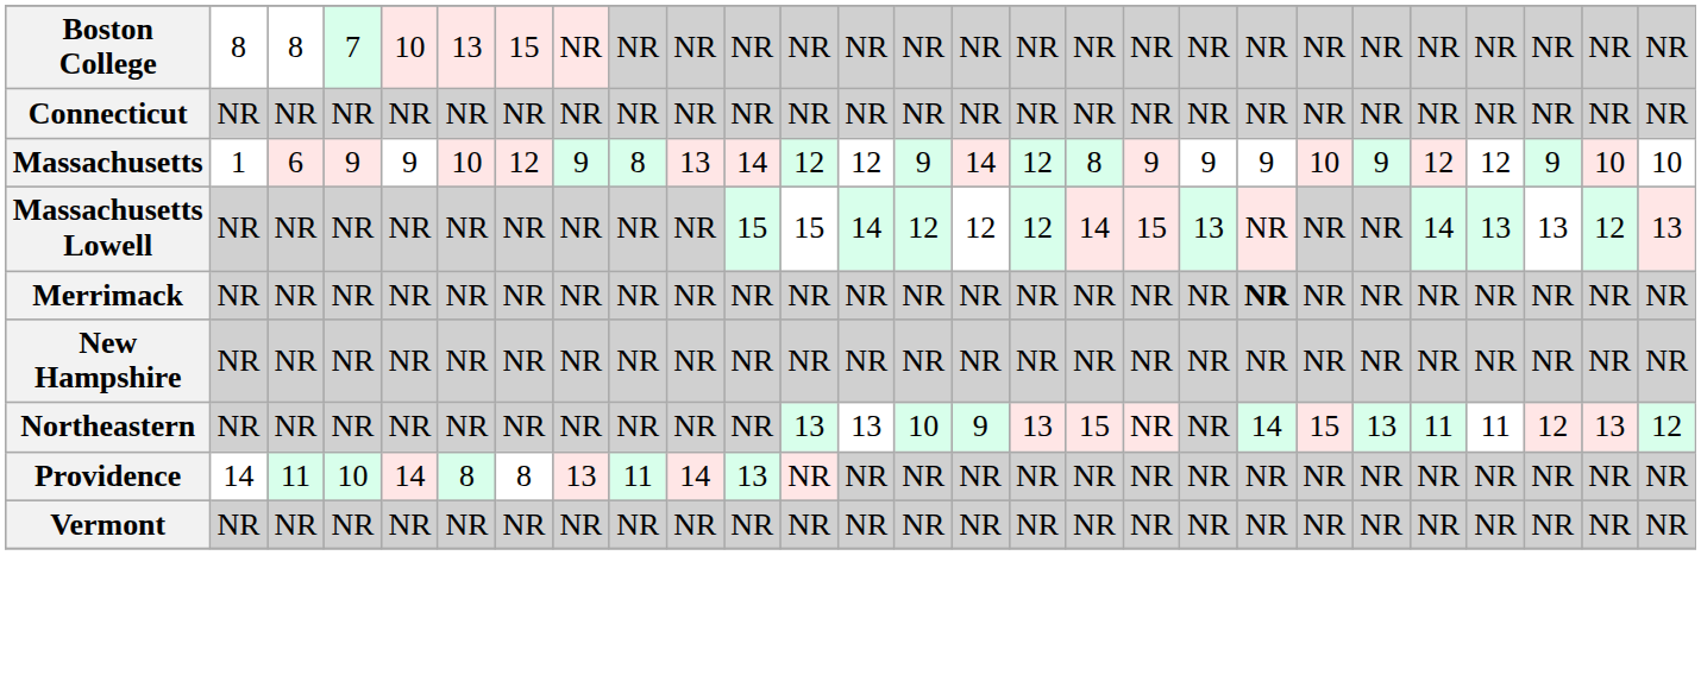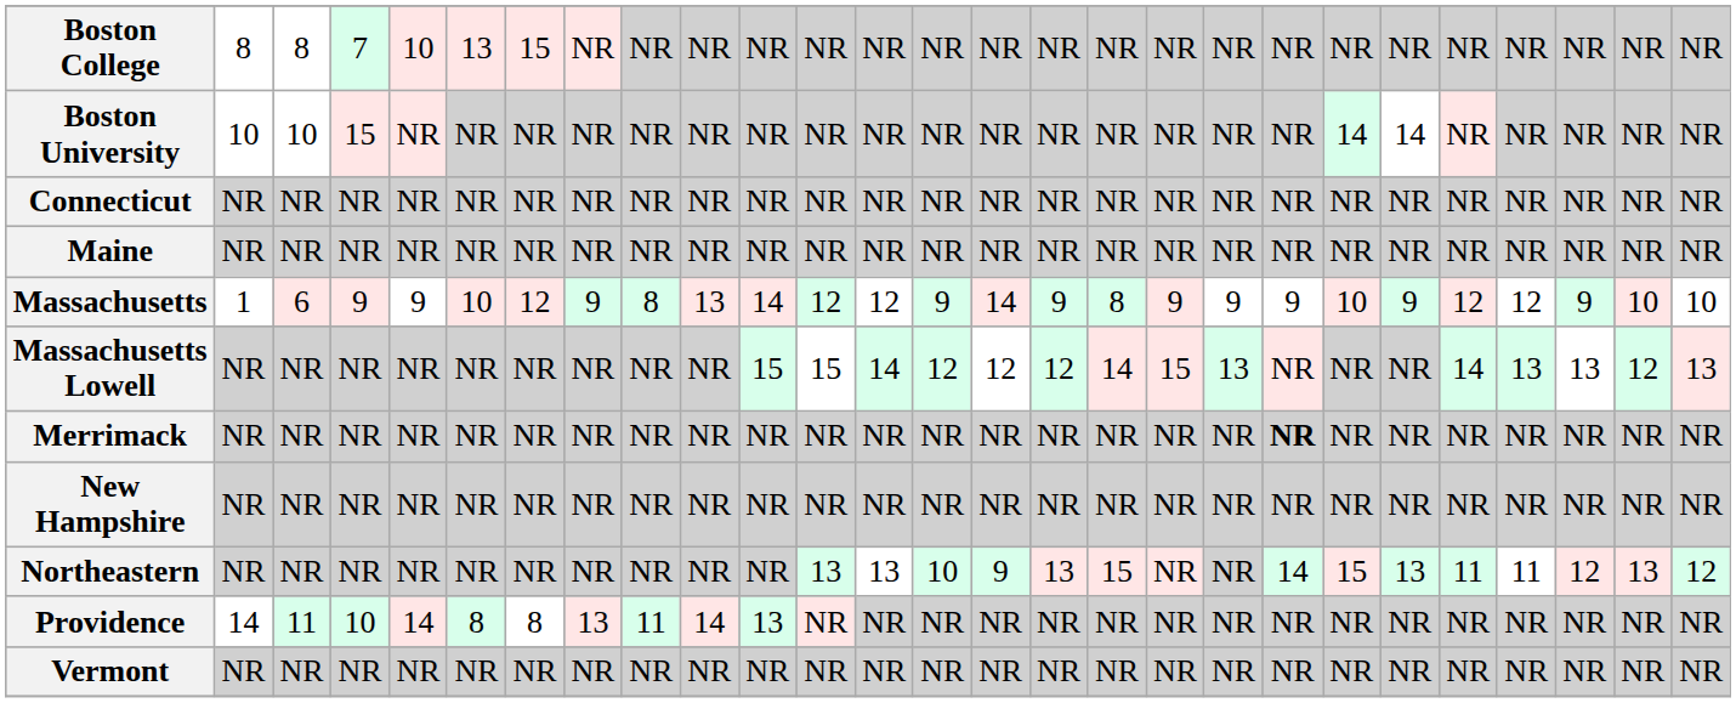 <table class="wikitable sortable" style="text-align: center;">
 <tr>
 </tr>
 <tr>
 <th>Boston College</th>
 <td bgcolor=FFFFFF>8</td>
 <td bgcolor=FFFFFF>8</td>
 <td bgcolor=D8FFEB>7</td>
 <td bgcolor=FFE6E6>10</td>
 <td bgcolor=FFE6E6>13</td>
 <td bgcolor=FFE6E6>15</td>
 <td bgcolor=FFE6E6>NR</td>
 <td bgcolor=d0d0d0>NR</td>
 <td bgcolor=d0d0d0>NR</td>
 <td bgcolor=d0d0d0>NR</td>
 <td bgcolor=d0d0d0>NR</td>
 <td bgcolor=d0d0d0>NR</td>
 <td bgcolor=d0d0d0>NR</td>
 <td bgcolor=d0d0d0>NR</td>
 <td bgcolor=d0d0d0>NR</td>
 <td bgcolor=d0d0d0>NR</td>
 <td bgcolor=d0d0d0>NR</td>
 <td bgcolor=d0d0d0>NR</td>
 <td bgcolor=d0d0d0>NR</td>
 <td bgcolor=d0d0d0>NR</td>
 <td bgcolor=d0d0d0>NR</td>
 <td bgcolor=d0d0d0>NR</td>
 <td bgcolor=d0d0d0>NR</td>
 <td bgcolor=d0d0d0>NR</td>
 <td bgcolor=d0d0d0>NR</td>
 <td bgcolor=d0d0d0>NR</td>
 </tr>
 <tr>
+<th>Boston University</th>
+<td bgcolor=FFFFFF>10</td>
+<td bgcolor=FFFFFF>10</td>
+<td bgcolor=FFE6E6>15</td>
+<td bgcolor=FFE6E6>NR</td>
+<td bgcolor=d0d0d0>NR</td>
+<td bgcolor=d0d0d0>NR</td>
+<td bgcolor=d0d0d0>NR</td>
+<td bgcolor=d0d0d0>NR</td>
+<td bgcolor=d0d0d0>NR</td>
+<td bgcolor=d0d0d0>NR</td>
+<td bgcolor=d0d0d0>NR</td>
+<td bgcolor=d0d0d0>NR</td>
+<td bgcolor=d0d0d0>NR</td>
+<td bgcolor=d0d0d0>NR</td>
+<td bgcolor=d0d0d0>NR</td>
+<td bgcolor=d0d0d0>NR</td>
+<td bgcolor=d0d0d0>NR</td>
+<td bgcolor=d0d0d0>NR</td>
+<td bgcolor=d0d0d0>NR</td>
+<td bgcolor=D8FFEB>14</td>
+<td bgcolor=FFFFFF>14</td>
+<td bgcolor=FFE6E6>NR</td>
+<td bgcolor=d0d0d0>NR</td>
+<td bgcolor=d0d0d0>NR</td>
+<td bgcolor=d0d0d0>NR</td>
+<td bgcolor=d0d0d0>NR</td>
+</tr>
+<tr>
 <th>Connecticut</th>
+<td bgcolor=d0d0d0>NR</td>
+<td bgcolor=d0d0d0>NR</td>
+<td bgcolor=d0d0d0>NR</td>
+<td bgcolor=d0d0d0>NR</td>
+<td bgcolor=d0d0d0>NR</td>
+<td bgcolor=d0d0d0>NR</td>
+<td bgcolor=d0d0d0>NR</td>
+<td bgcolor=d0d0d0>NR</td>
+<td bgcolor=d0d0d0>NR</td>
+<td bgcolor=d0d0d0>NR</td>
+<td bgcolor=d0d0d0>NR</td>
+<td bgcolor=d0d0d0>NR</td>
+<td bgcolor=d0d0d0>NR</td>
+<td bgcolor=d0d0d0>NR</td>
+<td bgcolor=d0d0d0>NR</td>
+<td bgcolor=d0d0d0>NR</td>
+<td bgcolor=d0d0d0>NR</td>
+<td bgcolor=d0d0d0>NR</td>
+<td bgcolor=d0d0d0>NR</td>
+<td bgcolor=d0d0d0>NR</td>
+<td bgcolor=d0d0d0>NR</td>
+<td bgcolor=d0d0d0>NR</td>
+<td bgcolor=d0d0d0>NR</td>
+<td bgcolor=d0d0d0>NR</td>
+<td bgcolor=d0d0d0>NR</td>
+<td bgcolor=d0d0d0>NR</td>
+</tr>
+<tr>
+<th>Maine</th>
 <td bgcolor=d0d0d0>NR</td>
 <td bgcolor=d0d0d0>NR</td>
 <td bgcolor=d0d0d0>NR</td>
 <td bgcolor=d0d0d0>NR</td>
 <td bgcolor=d0d0d0>NR</td>
 <td bgcolor=d0d0d0>NR</td>
 <td bgcolor=d0d0d0>NR</td>
 <td bgcolor=d0d0d0>NR</td>
 <td bgcolor=d0d0d0>NR</td>
 <td bgcolor=d0d0d0>NR</td>
 <td bgcolor=d0d0d0>NR</td>
 <td bgcolor=d0d0d0>NR</td>
 <td bgcolor=d0d0d0>NR</td>
 <td bgcolor=d0d0d0>NR</td>
 <td bgcolor=d0d0d0>NR</td>
 <td bgcolor=d0d0d0>NR</td>
 <td bgcolor=d0d0d0>NR</td>
 <td bgcolor=d0d0d0>NR</td>
 <td bgcolor=d0d0d0>NR</td>
 <td bgcolor=d0d0d0>NR</td>
 <td bgcolor=d0d0d0>NR</td>
 <td bgcolor=d0d0d0>NR</td>
 <td bgcolor=d0d0d0>NR</td>
 <td bgcolor=d0d0d0>NR</td>
 <td bgcolor=d0d0d0>NR</td>
 <td bgcolor=d0d0d0>NR</td>
 </tr>
 <tr>
 <th>Massachusetts</th>
 <td bgcolor=FFFFFF>1</td>
 <td bgcolor=FFE6E6>6</td>
 <td bgcolor=FFE6E6>9</td>
 <td bgcolor=FFFFFF>9</td>
 <td bgcolor=FFE6E6>10</td>
 <td bgcolor=FFE6E6>12</td>
 <td bgcolor=D8FFEB>9</td>
 <td bgcolor=D8FFEB>8</td>
 <td bgcolor=FFE6E6>13</td>
 <td bgcolor=FFE6E6>14</td>
 <td bgcolor=D8FFEB>12</td>
 <td bgcolor=FFFFFF>12</td>
 <td bgcolor=D8FFEB>9</td>
 <td bgcolor=FFE6E6>14</td>
-<td bgcolor=D8FFEB>12</td>
+<td bgcolor=D8FFEB>9</td>
 <td bgcolor=D8FFEB>8</td>
 <td bgcolor=FFE6E6>9</td>
 <td bgcolor=FFFFFF>9</td>
 <td bgcolor=FFFFFF>9</td>
 <td bgcolor=FFE6E6>10</td>
 <td bgcolor=D8FFEB>9</td>
 <td bgcolor=FFE6E6>12</td>
 <td bgcolor=FFFFFF>12</td>
 <td bgcolor=D8FFEB>9</td>
 <td bgcolor=FFE6E6>10</td>
 <td bgcolor=FFFFFF>10</td>
 </tr>
 <tr>
 <th>Massachusetts Lowell</th>
 <td bgcolor=d0d0d0>NR</td>
 <td bgcolor=d0d0d0>NR</td>
 <td bgcolor=d0d0d0>NR</td>
 <td bgcolor=d0d0d0>NR</td>
 <td bgcolor=d0d0d0>NR</td>
 <td bgcolor=d0d0d0>NR</td>
 <td bgcolor=d0d0d0>NR</td>
 <td bgcolor=d0d0d0>NR</td>
 <td bgcolor=d0d0d0>NR</td>
 <td bgcolor=D8FFEB>15</td>
 <td bgcolor=FFFFFF>15</td>
 <td bgcolor=D8FFEB>14</td>
 <td bgcolor=D8FFEB>12</td>
 <td bgcolor=FFFFFF>12</td>
 <td bgcolor=D8FFEB>12</td>
 <td bgcolor=FFE6E6>14</td>
 <td bgcolor=FFE6E6>15</td>
 <td bgcolor=D8FFEB>13</td>
 <td bgcolor=FFE6E6>NR</td>
 <td bgcolor=d0d0d0>NR</td>
 <td bgcolor=d0d0d0>NR</td>
 <td bgcolor=D8FFEB>14</td>
 <td bgcolor=D8FFEB>13</td>
 <td bgcolor=FFFFFF>13</td>
 <td bgcolor=D8FFEB>12</td>
 <td bgcolor=FFE6E6>13</td>
 </tr>
 <tr>
 <th>Merrimack</th>
 <td bgcolor=d0d0d0>NR</td>
 <td bgcolor=d0d0d0>NR</td>
 <td bgcolor=d0d0d0>NR</td>
 <td bgcolor=d0d0d0>NR</td>
 <td bgcolor=d0d0d0>NR</td>
 <td bgcolor=d0d0d0>NR</td>
 <td bgcolor=d0d0d0>NR</td>
 <td bgcolor=d0d0d0>NR</td>
 <td bgcolor=d0d0d0>NR</td>
 <td bgcolor=d0d0d0>NR</td>
 <td bgcolor=d0d0d0>NR</td>
 <td bgcolor=d0d0d0>NR</td>
 <td bgcolor=d0d0d0>NR</td>
 <td bgcolor=d0d0d0>NR</td>
 <td bgcolor=d0d0d0>NR</td>
 <td bgcolor=d0d0d0>NR</td>
 <td bgcolor=d0d0d0>NR</td>
 <td bgcolor=d0d0d0>NR</td>
 <td bgcolor=d0d0d0><strong>NR</strong></td>
 <td bgcolor=d0d0d0>NR</td>
 <td bgcolor=d0d0d0>NR</td>
 <td bgcolor=d0d0d0>NR</td>
 <td bgcolor=d0d0d0>NR</td>
 <td bgcolor=d0d0d0>NR</td>
 <td bgcolor=d0d0d0>NR</td>
 <td bgcolor=d0d0d0>NR</td>
 </tr>
 <tr>
 <th>New Hampshire</th>
 <td bgcolor=d0d0d0>NR</td>
 <td bgcolor=d0d0d0>NR</td>
 <td bgcolor=d0d0d0>NR</td>
 <td bgcolor=d0d0d0>NR</td>
 <td bgcolor=d0d0d0>NR</td>
 <td bgcolor=d0d0d0>NR</td>
 <td bgcolor=d0d0d0>NR</td>
 <td bgcolor=d0d0d0>NR</td>
 <td bgcolor=d0d0d0>NR</td>
 <td bgcolor=d0d0d0>NR</td>
 <td bgcolor=d0d0d0>NR</td>
 <td bgcolor=d0d0d0>NR</td>
 <td bgcolor=d0d0d0>NR</td>
 <td bgcolor=d0d0d0>NR</td>
 <td bgcolor=d0d0d0>NR</td>
 <td bgcolor=d0d0d0>NR</td>
 <td bgcolor=d0d0d0>NR</td>
 <td bgcolor=d0d0d0>NR</td>
 <td bgcolor=d0d0d0>NR</td>
 <td bgcolor=d0d0d0>NR</td>
 <td bgcolor=d0d0d0>NR</td>
 <td bgcolor=d0d0d0>NR</td>
 <td bgcolor=d0d0d0>NR</td>
 <td bgcolor=d0d0d0>NR</td>
 <td bgcolor=d0d0d0>NR</td>
 <td bgcolor=d0d0d0>NR</td>
 </tr>
 <tr>
 <th>Northeastern</th>
 <td bgcolor=d0d0d0>NR</td>
 <td bgcolor=d0d0d0>NR</td>
 <td bgcolor=d0d0d0>NR</td>
 <td bgcolor=d0d0d0>NR</td>
 <td bgcolor=d0d0d0>NR</td>
 <td bgcolor=d0d0d0>NR</td>
 <td bgcolor=d0d0d0>NR</td>
 <td bgcolor=d0d0d0>NR</td>
 <td bgcolor=d0d0d0>NR</td>
 <td bgcolor=d0d0d0>NR</td>
 <td bgcolor=D8FFEB>13</td>
 <td bgcolor=FFFFFF>13</td>
 <td bgcolor=D8FFEB>10</td>
 <td bgcolor=D8FFEB>9</td>
 <td bgcolor=FFE6E6>13</td>
 <td bgcolor=FFE6E6>15</td>
 <td bgcolor=FFE6E6>NR</td>
 <td bgcolor=d0d0d0>NR</td>
 <td bgcolor=D8FFEB>14</td>
 <td bgcolor=FFE6E6>15</td>
 <td bgcolor=D8FFEB>13</td>
 <td bgcolor=D8FFEB>11</td>
 <td bgcolor=FFFFFF>11</td>
 <td bgcolor=FFE6E6>12</td>
 <td bgcolor=FFE6E6>13</td>
 <td bgcolor=D8FFEB>12</td>
 </tr>
 <tr>
 <th>Providence</th>
 <td bgcolor=FFFFFF>14</td>
 <td bgcolor=D8FFEB>11</td>
 <td bgcolor=D8FFEB>10</td>
 <td bgcolor=FFE6E6>14</td>
 <td bgcolor=D8FFEB>8</td>
 <td bgcolor=FFFFFF>8</td>
 <td bgcolor=FFE6E6>13</td>
 <td bgcolor=D8FFEB>11</td>
 <td bgcolor=FFE6E6>14</td>
 <td bgcolor=D8FFEB>13</td>
 <td bgcolor=FFE6E6>NR</td>
 <td bgcolor=d0d0d0>NR</td>
 <td bgcolor=d0d0d0>NR</td>
 <td bgcolor=d0d0d0>NR</td>
 <td bgcolor=d0d0d0>NR</td>
 <td bgcolor=d0d0d0>NR</td>
 <td bgcolor=d0d0d0>NR</td>
 <td bgcolor=d0d0d0>NR</td>
 <td bgcolor=d0d0d0>NR</td>
 <td bgcolor=d0d0d0>NR</td>
 <td bgcolor=d0d0d0>NR</td>
 <td bgcolor=d0d0d0>NR</td>
 <td bgcolor=d0d0d0>NR</td>
 <td bgcolor=d0d0d0>NR</td>
 <td bgcolor=d0d0d0>NR</td>
 <td bgcolor=d0d0d0>NR</td>
 </tr>
 <tr>
 <th>Vermont</th>
 <td bgcolor=d0d0d0>NR</td>
 <td bgcolor=d0d0d0>NR</td>
 <td bgcolor=d0d0d0>NR</td>
 <td bgcolor=d0d0d0>NR</td>
 <td bgcolor=d0d0d0>NR</td>
 <td bgcolor=d0d0d0>NR</td>
 <td bgcolor=d0d0d0>NR</td>
 <td bgcolor=d0d0d0>NR</td>
 <td bgcolor=d0d0d0>NR</td>
 <td bgcolor=d0d0d0>NR</td>
 <td bgcolor=d0d0d0>NR</td>
 <td bgcolor=d0d0d0>NR</td>
 <td bgcolor=d0d0d0>NR</td>
 <td bgcolor=d0d0d0>NR</td>
 <td bgcolor=d0d0d0>NR</td>
 <td bgcolor=d0d0d0>NR</td>
 <td bgcolor=d0d0d0>NR</td>
 <td bgcolor=d0d0d0>NR</td>
 <td bgcolor=d0d0d0>NR</td>
 <td bgcolor=d0d0d0>NR</td>
 <td bgcolor=d0d0d0>NR</td>
 <td bgcolor=d0d0d0>NR</td>
 <td bgcolor=d0d0d0>NR</td>
 <td bgcolor=d0d0d0>NR</td>
 <td bgcolor=d0d0d0>NR</td>
 <td bgcolor=d0d0d0>NR</td>
 </tr>
 <tr>
 </tr>
 </table>
